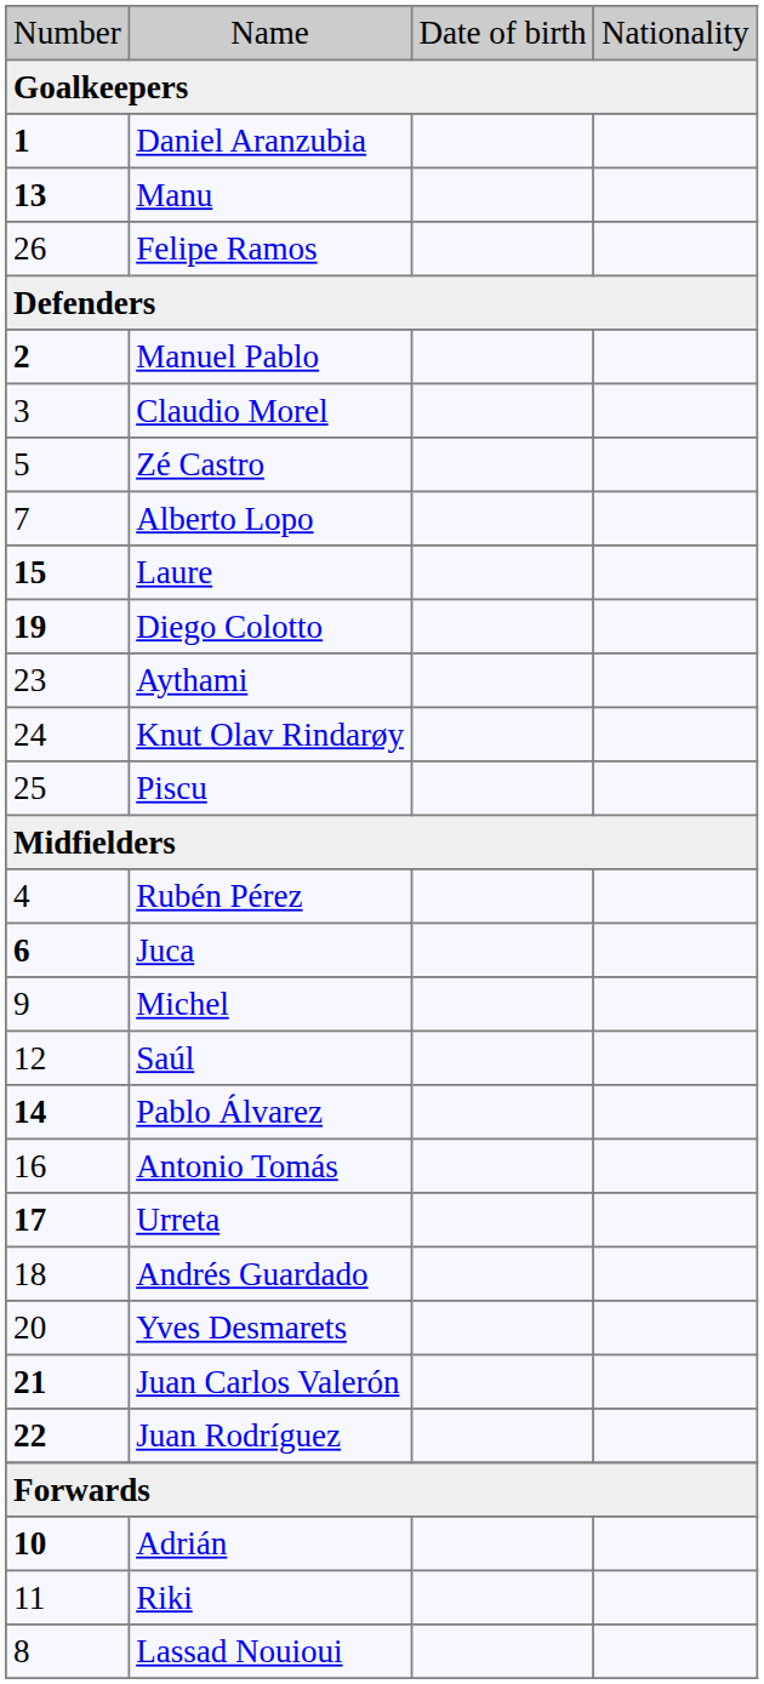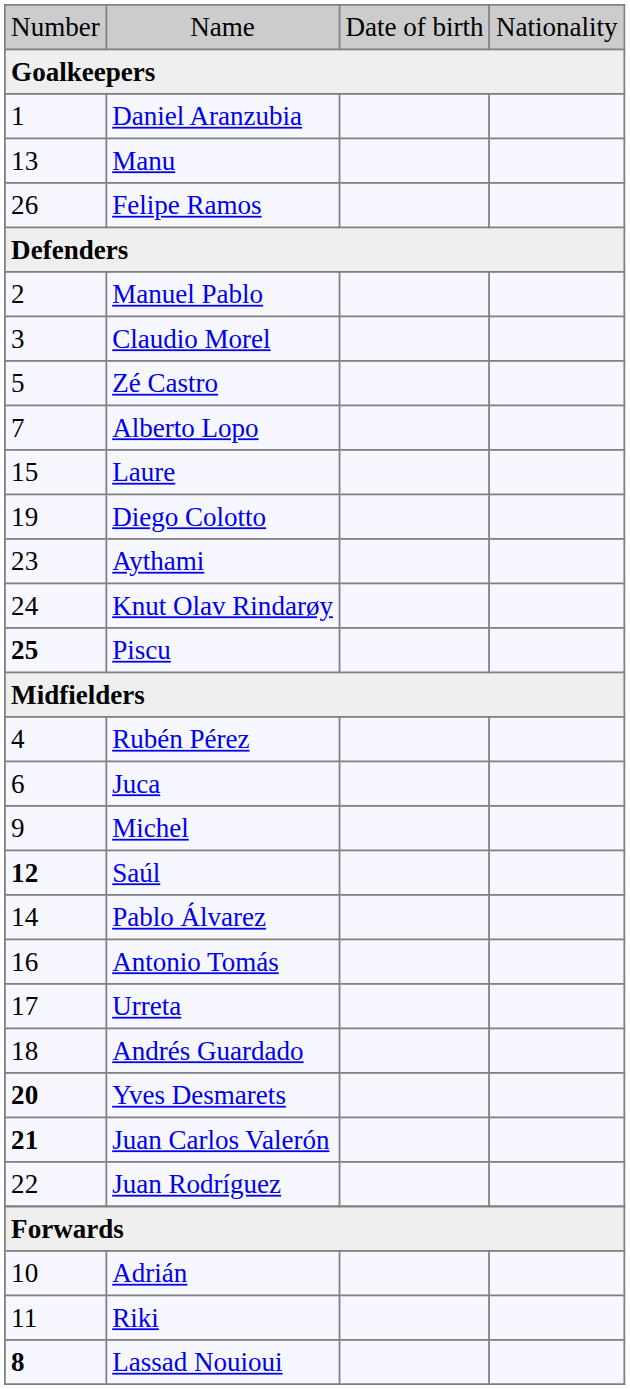 <table bgcolor="#f7f8ff" cellpadding="3" cellspacing="0" border="1" style="font-size: 95%; border: gray solid 1px; border-collapse: collapse;">
 <tr bgcolor="#CCCCCC">
 <td align="center">Number</td>
 <td align="center">Name</td>
 <td align="center">Date of birth</td>
 <td align="center">Nationality</td>
 </tr>
 <tr>
 <td colspan="6" bgcolor="#EFEFEF"><strong>Goalkeepers</strong></td>
 </tr>
 <tr>
-<td><strong>1</strong></td>
+<td>1</td>
 <td><a href='#'>Daniel Aranzubia</a></td>
 <td></td>
 <td></td>
 </tr>
 <tr>
-<td><strong>13</strong></td>
+<td>13</td>
 <td><a href='#'>Manu</a></td>
 <td></td>
 <td></td>
 </tr>
 <tr>
 <td>26</td>
 <td><a href='#'>Felipe Ramos</a></td>
 <td></td>
 <td></td>
 </tr>
 <tr>
 <td colspan="6" bgcolor="#EFEFEF"><strong>Defenders</strong></td>
 </tr>
 <tr>
-<td><strong>2</strong></td>
+<td>2</td>
 <td><a href='#'>Manuel Pablo</a></td>
 <td></td>
 <td></td>
 </tr>
 <tr>
 <td>3</td>
 <td><a href='#'>Claudio Morel</a></td>
 <td></td>
 <td></td>
 </tr>
 <tr>
 <td>5</td>
 <td><a href='#'>Zé Castro</a></td>
 <td></td>
 <td></td>
 </tr>
 <tr>
 <td>7</td>
 <td><a href='#'>Alberto Lopo</a></td>
 <td></td>
 <td></td>
 </tr>
 <tr>
-<td><strong>15</strong></td>
+<td>15</td>
 <td><a href='#'>Laure</a></td>
 <td></td>
 <td></td>
 </tr>
 <tr>
-<td><strong>19</strong></td>
+<td>19</td>
 <td><a href='#'>Diego Colotto</a></td>
 <td></td>
 <td></td>
 </tr>
 <tr>
 <td>23</td>
 <td><a href='#'>Aythami</a></td>
 <td></td>
 <td></td>
 </tr>
 <tr>
 <td>24</td>
 <td><a href='#'>Knut Olav Rindarøy</a></td>
 <td></td>
 <td></td>
 </tr>
 <tr>
-<td>25</td>
+<td><strong>25</strong></td>
 <td><a href='#'>Piscu</a></td>
 <td></td>
 <td></td>
 </tr>
 <tr>
 <td colspan="6" bgcolor="#EFEFEF"><strong>Midfielders</strong></td>
 </tr>
 <tr>
 <td>4</td>
 <td><a href='#'>Rubén Pérez</a></td>
 <td></td>
 <td></td>
 </tr>
 <tr>
-<td><strong>6</strong></td>
+<td>6</td>
 <td><a href='#'>Juca</a></td>
 <td></td>
 <td></td>
 </tr>
 <tr>
 <td>9</td>
 <td><a href='#'>Michel</a></td>
 <td></td>
 <td></td>
 </tr>
 <tr>
-<td>12</td>
+<td><strong>12</strong></td>
 <td><a href='#'>Saúl</a></td>
 <td></td>
 <td></td>
 </tr>
 <tr>
-<td><strong>14</strong></td>
+<td>14</td>
 <td><a href='#'>Pablo Álvarez</a></td>
 <td></td>
 <td></td>
 </tr>
 <tr>
 <td>16</td>
 <td><a href='#'>Antonio Tomás</a></td>
 <td></td>
 <td></td>
 </tr>
 <tr>
-<td><strong>17</strong></td>
+<td>17</td>
 <td><a href='#'>Urreta</a></td>
 <td></td>
 <td></td>
 </tr>
 <tr>
 <td>18</td>
 <td><a href='#'>Andrés Guardado</a></td>
 <td></td>
 <td></td>
 </tr>
 <tr>
-<td>20</td>
+<td><strong>20</strong></td>
 <td><a href='#'>Yves Desmarets</a></td>
 <td></td>
 <td></td>
 </tr>
 <tr>
 <td><strong>21</strong></td>
 <td><a href='#'>Juan Carlos Valerón</a></td>
 <td></td>
 <td></td>
 </tr>
 <tr>
-<td><strong>22</strong></td>
+<td>22</td>
 <td><a href='#'>Juan Rodríguez</a></td>
 <td></td>
 <td></td>
 </tr>
 <tr ||>
 </tr>
 <tr>
 <td colspan="6" bgcolor="#EFEFEF"><strong>Forwards</strong></td>
 </tr>
 <tr>
-<td><strong>10</strong></td>
+<td>10</td>
 <td><a href='#'>Adrián</a></td>
 <td></td>
 <td></td>
 </tr>
 <tr>
 <td>11</td>
 <td><a href='#'>Riki</a></td>
 <td></td>
 <td></td>
 </tr>
 <tr>
-<td>8</td>
+<td><strong>8</strong></td>
 <td><a href='#'>Lassad Nouioui</a></td>
 <td></td>
 <td></td>
 </tr>
 <tr>
 </tr>
 </table>
